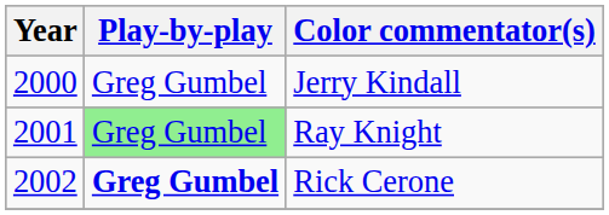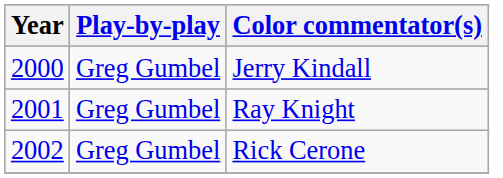 <table class="wikitable">
 <tr>
 <th>Year</th>
 <th><a href='#'>Play-by-play</a></th>
 <th><a href='#'>Color commentator(s)</a></th>
 </tr>
 <tr>
 <td><a href='#'>2000</a></td>
 <td><a href='#'>Greg Gumbel</a></td>
 <td><a href='#'>Jerry Kindall</a></td>
 </tr>
 <tr>
 <td><a href='#'>2001</a></td>
-<td style="background: lightgreen;"><a href='#'>Greg Gumbel</a></td>
+<td><a href='#'>Greg Gumbel</a></td>
 <td><a href='#'>Ray Knight</a></td>
 </tr>
 <tr>
 <td><a href='#'>2002</a></td>
-<td><strong><a href='#'>Greg Gumbel</a></strong></td>
+<td><a href='#'>Greg Gumbel</a></td>
 <td><a href='#'>Rick Cerone</a></td>
 </tr>
 <tr>
 </tr>
 </table>
